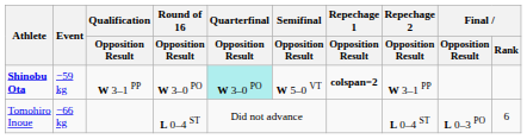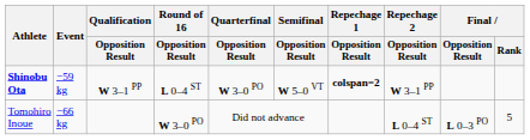 <table class="wikitable" style="font-size:90%">
 <tr>
 <th rowspan=2>Athlete</th>
 <th rowspan=2>Event</th>
 <th>Qualification</th>
 <th>Round of 16</th>
 <th>Quarterfinal</th>
 <th>Semifinal</th>
 <th>Repechage 1</th>
 <th>Repechage 2</th>
 <th colspan=2>Final / </th>
 </tr>
 <tr style="font-size: 95%">
 <th>Opposition<br>Result</th>
 <th>Opposition<br>Result</th>
 <th>Opposition<br>Result</th>
 <th>Opposition<br>Result</th>
 <th>Opposition<br>Result</th>
 <th>Opposition<br>Result</th>
 <th>Opposition<br>Result</th>
 <th>Rank</th>
 </tr>
 <tr align=center>
 <td align=left><strong><a href='#'>Shinobu Ota</a></strong></td>
 <td align=left><a href='#'>−59 kg</a></td>
 <td><br><strong>W</strong> 3–1 <sup>PP</sup></td>
+<td><br><strong>L</strong> 0–4 <sup>ST</sup></td>
 <td><br><strong>W</strong> 3–0 <sup>PO</sup></td>
-<td style="background: paleturquoise;"><br><strong>W</strong> 3–0 <sup>PO</sup></td>
 <td><br><strong>W</strong> 5–0 <sup>VT</sup></td>
 <td><strong>colspan=2 </strong></td>
 <td><br><strong>W</strong> 3–1 <sup>PP</sup></td>
 <td></td>
 </tr>
 <tr align=center>
 <td align=left><a href='#'>Tomohiro Inoue</a></td>
 <td align=left><a href='#'>−66 kg</a></td>
 <td></td>
-<td><br><strong>L</strong> 0–4 <sup>ST</sup></td>
+<td><br><strong>W</strong> 3–0 <sup>PO</sup></td>
 <td colspan=2>Did not advance</td>
 <td></td>
 <td><br><strong>L</strong> 0–4 <sup>ST</sup></td>
 <td><br><strong>L</strong> 0–3 <sup>PO</sup></td>
-<td>6</td>
+<td>5</td>
 </tr>
 </table>
